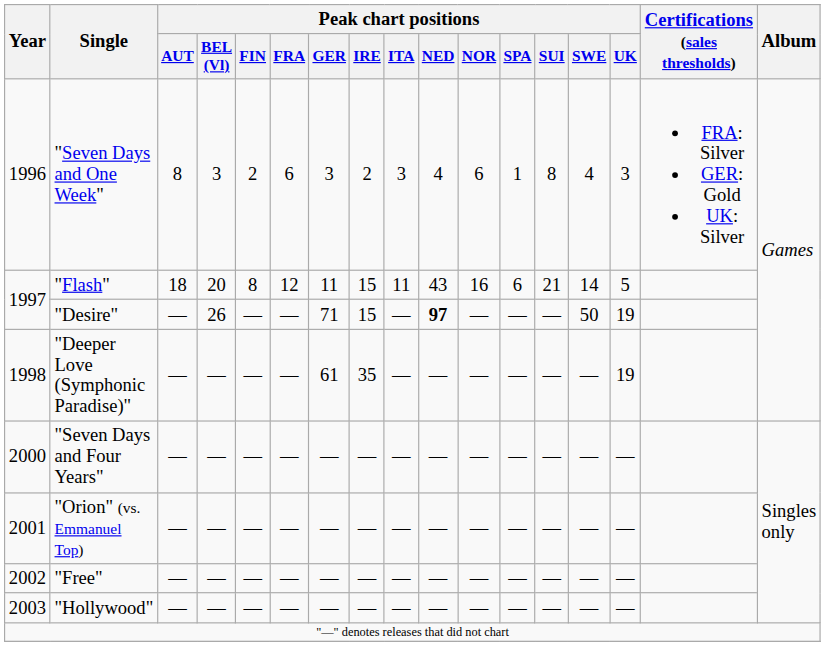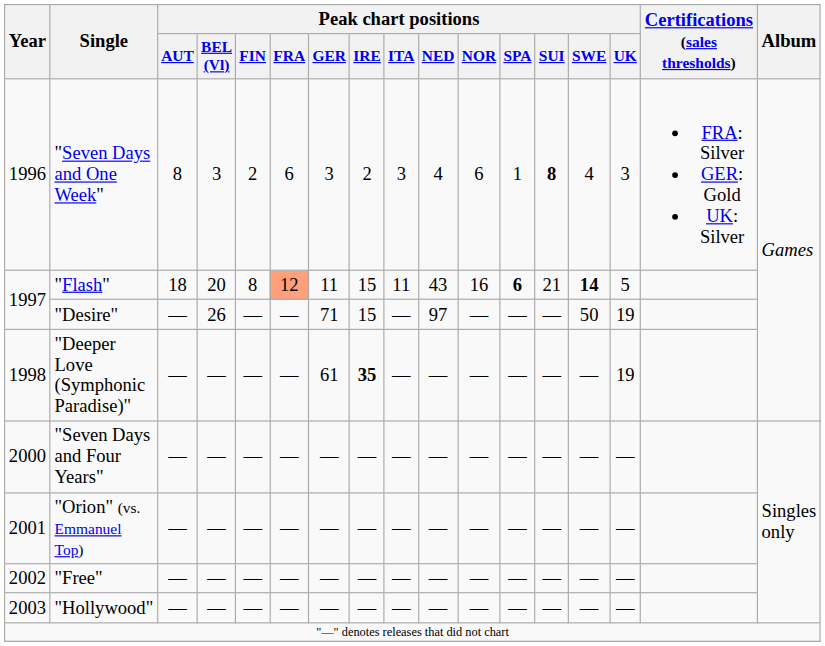 <table class="wikitable" style="text-align:center;">
 <tr>
 <th rowspan="2">Year</th>
 <th rowspan="2">Single</th>
 <th colspan="13">Peak chart positions</th>
 <th rowspan="2"><a href='#'>Certifications</a><br><small>(<a href='#'>sales thresholds</a>)</small></th>
 <th rowspan="2">Album</th>
 </tr>
 <tr style="font-size:smaller;">
 <th width="35"><a href='#'>AUT</a><br></th>
 <th width="35"><a href='#'>BEL<br>(Vl)</a><br></th>
 <th width="35"><a href='#'>FIN</a><br></th>
 <th width="35"><a href='#'>FRA</a><br></th>
 <th width="35"><a href='#'>GER</a><br></th>
 <th width="35"><a href='#'>IRE</a><br></th>
 <th width="35"><a href='#'>ITA</a><br></th>
 <th width="35"><a href='#'>NED</a><br></th>
 <th width="35"><a href='#'>NOR</a><br></th>
 <th width="35"><a href='#'>SPA</a><br></th>
 <th width="35"><a href='#'>SUI</a><br></th>
 <th width="35"><a href='#'>SWE</a><br></th>
 <th width="35"><a href='#'>UK</a><br></th>
 </tr>
 <tr>
 <td>1996</td>
 <td align="left">"<a href='#'>Seven Days and One Week</a>"</td>
 <td>8</td>
 <td>3</td>
 <td>2</td>
 <td>6</td>
 <td>3</td>
 <td>2</td>
 <td>3</td>
 <td>4</td>
 <td>6</td>
 <td>1</td>
-<td>8</td>
+<td><strong>8</strong></td>
 <td>4</td>
 <td>3</td>
 <td><br><ul><li><a href='#'>FRA</a>: Silver</li><li><a href='#'>GER</a>: Gold</li><li><a href='#'>UK</a>: Silver</li></ul></td>
 <td align="left" rowspan="4"><em>Games</em></td>
 </tr>
 <tr>
 <td rowspan="2">1997</td>
 <td align="left">"<a href='#'>Flash</a>"</td>
 <td>18</td>
 <td>20</td>
 <td>8</td>
-<td>12</td>
+<td style="background: lightsalmon;">12</td>
 <td>11</td>
 <td>15</td>
 <td>11</td>
 <td>43</td>
 <td>16</td>
-<td>6</td>
+<td><strong>6</strong></td>
 <td>21</td>
-<td>14</td>
+<td><strong>14</strong></td>
 <td>5</td>
 <td></td>
 </tr>
 <tr>
 <td align="left">"Desire"</td>
 <td>—</td>
 <td>26</td>
 <td>—</td>
 <td>—</td>
 <td>71</td>
 <td>15</td>
 <td>—</td>
-<td><strong>97</strong></td>
+<td>97</td>
 <td>—</td>
 <td>—</td>
 <td>—</td>
 <td>50</td>
 <td>19</td>
 <td></td>
 </tr>
 <tr>
 <td>1998</td>
 <td align="left">"Deeper Love (Symphonic Paradise)"</td>
 <td>—</td>
 <td>—</td>
 <td>—</td>
 <td>—</td>
 <td>61</td>
-<td>35</td>
+<td><strong>35</strong></td>
 <td>—</td>
 <td>—</td>
 <td>—</td>
 <td>—</td>
 <td>—</td>
 <td>—</td>
 <td>19</td>
 <td></td>
 </tr>
 <tr>
 <td>2000</td>
 <td align="left">"Seven Days and Four Years"</td>
 <td>—</td>
 <td>—</td>
 <td>—</td>
 <td>—</td>
 <td>—</td>
 <td>—</td>
 <td>—</td>
 <td>—</td>
 <td>—</td>
 <td>—</td>
 <td>—</td>
 <td>—</td>
 <td>—</td>
 <td></td>
 <td align="left" rowspan="4">Singles only</td>
 </tr>
 <tr>
 <td>2001</td>
 <td align="left">"Orion" <small>(vs. <a href='#'>Emmanuel Top</a>)</small></td>
 <td>—</td>
 <td>—</td>
 <td>—</td>
 <td>—</td>
 <td>—</td>
 <td>—</td>
 <td>—</td>
 <td>—</td>
 <td>—</td>
 <td>—</td>
 <td>—</td>
 <td>—</td>
 <td>—</td>
 <td></td>
 </tr>
 <tr>
 <td>2002</td>
 <td align="left">"Free"</td>
 <td>—</td>
 <td>—</td>
 <td>—</td>
 <td>—</td>
 <td>—</td>
 <td>—</td>
 <td>—</td>
 <td>—</td>
 <td>—</td>
 <td>—</td>
 <td>—</td>
 <td>—</td>
 <td>—</td>
 <td></td>
 </tr>
 <tr>
 <td>2003</td>
 <td align="left">"Hollywood"</td>
 <td>—</td>
 <td>—</td>
 <td>—</td>
 <td>—</td>
 <td>—</td>
 <td>—</td>
 <td>—</td>
 <td>—</td>
 <td>—</td>
 <td>—</td>
 <td>—</td>
 <td>—</td>
 <td>—</td>
 <td></td>
 </tr>
 <tr>
 <td align="center" colspan="18" style="font-size:8pt">"—" denotes releases that did not chart</td>
 </tr>
 <tr>
 </tr>
 </table>
